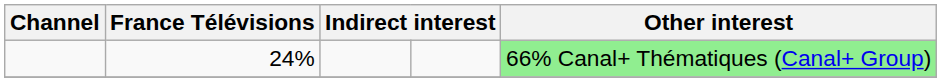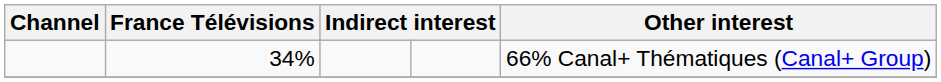 <table class="wikitable">
 <tr>
 <th>Channel</th>
 <th>France Télévisions</th>
 <th colspan="2">Indirect interest</th>
 <th>Other interest</th>
 </tr>
 <tr>
 <td><strong></strong></td>
-<td align="right">24%</td>
+<td align="right">34%</td>
 <td align="right"></td>
 <td></td>
-<td style="background: lightgreen;">66% Canal+ Thématiques (<a href='#'>Canal+ Group</a>)</td>
+<td>66% Canal+ Thématiques (<a href='#'>Canal+ Group</a>)</td>
 </tr>
 <tr>
 </tr>
 </table>
